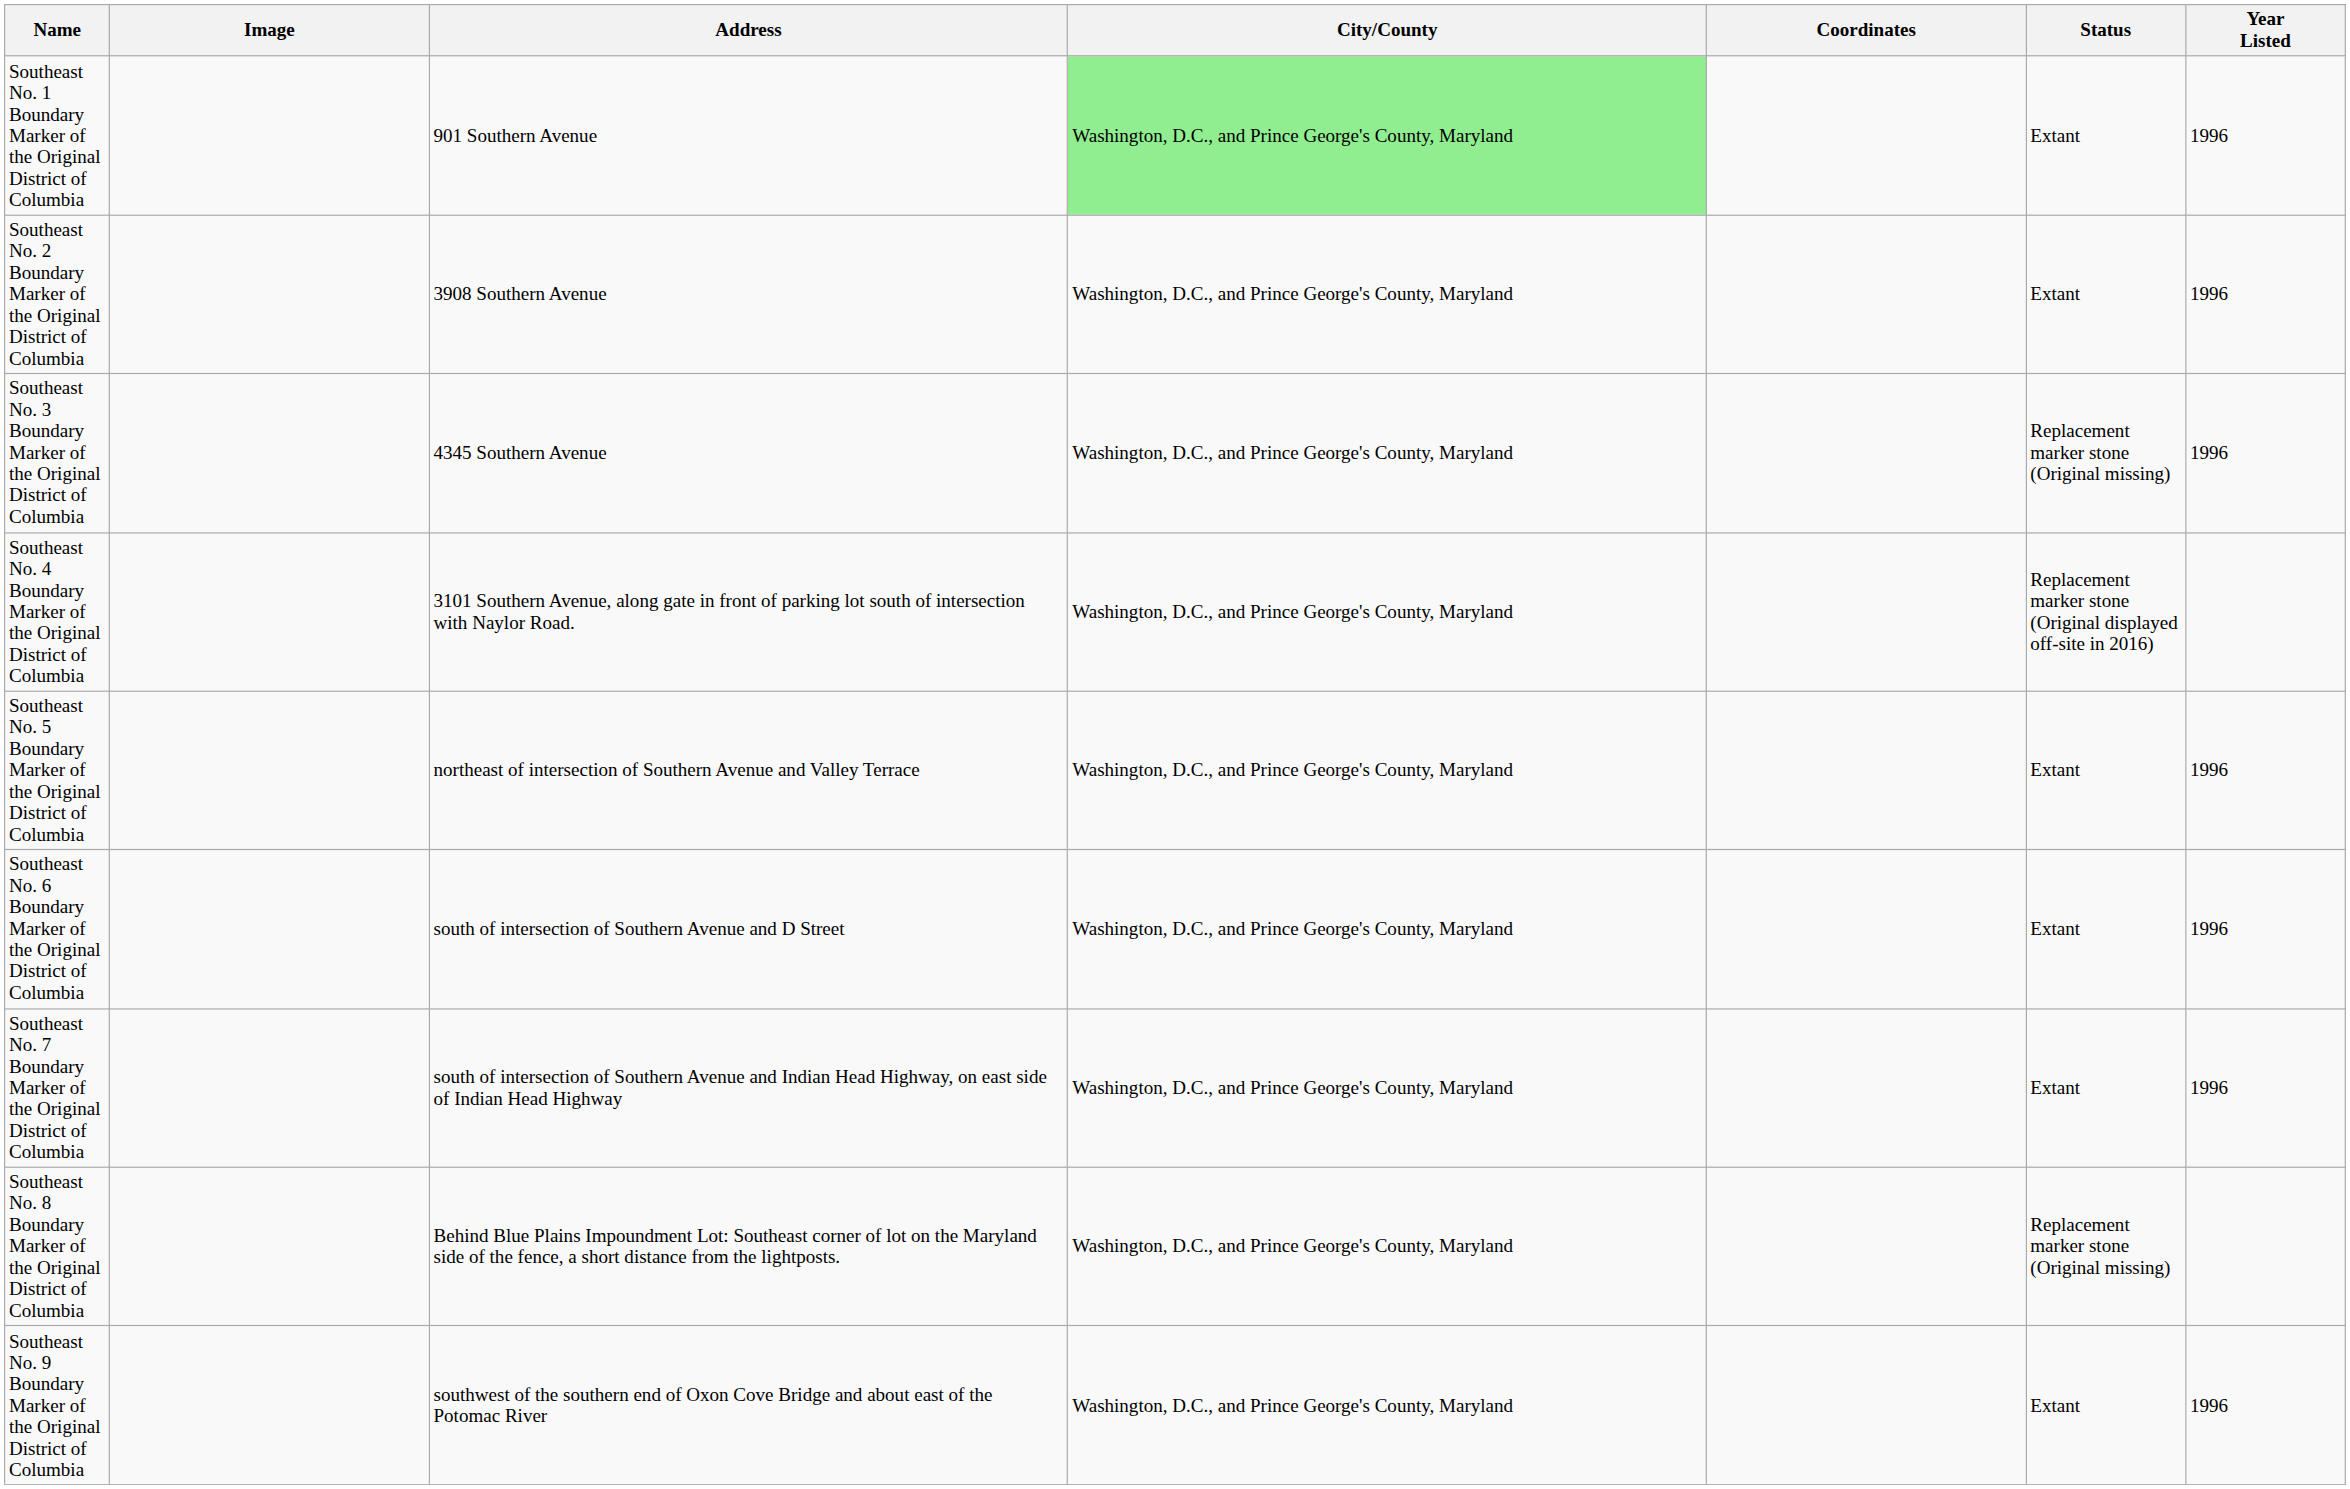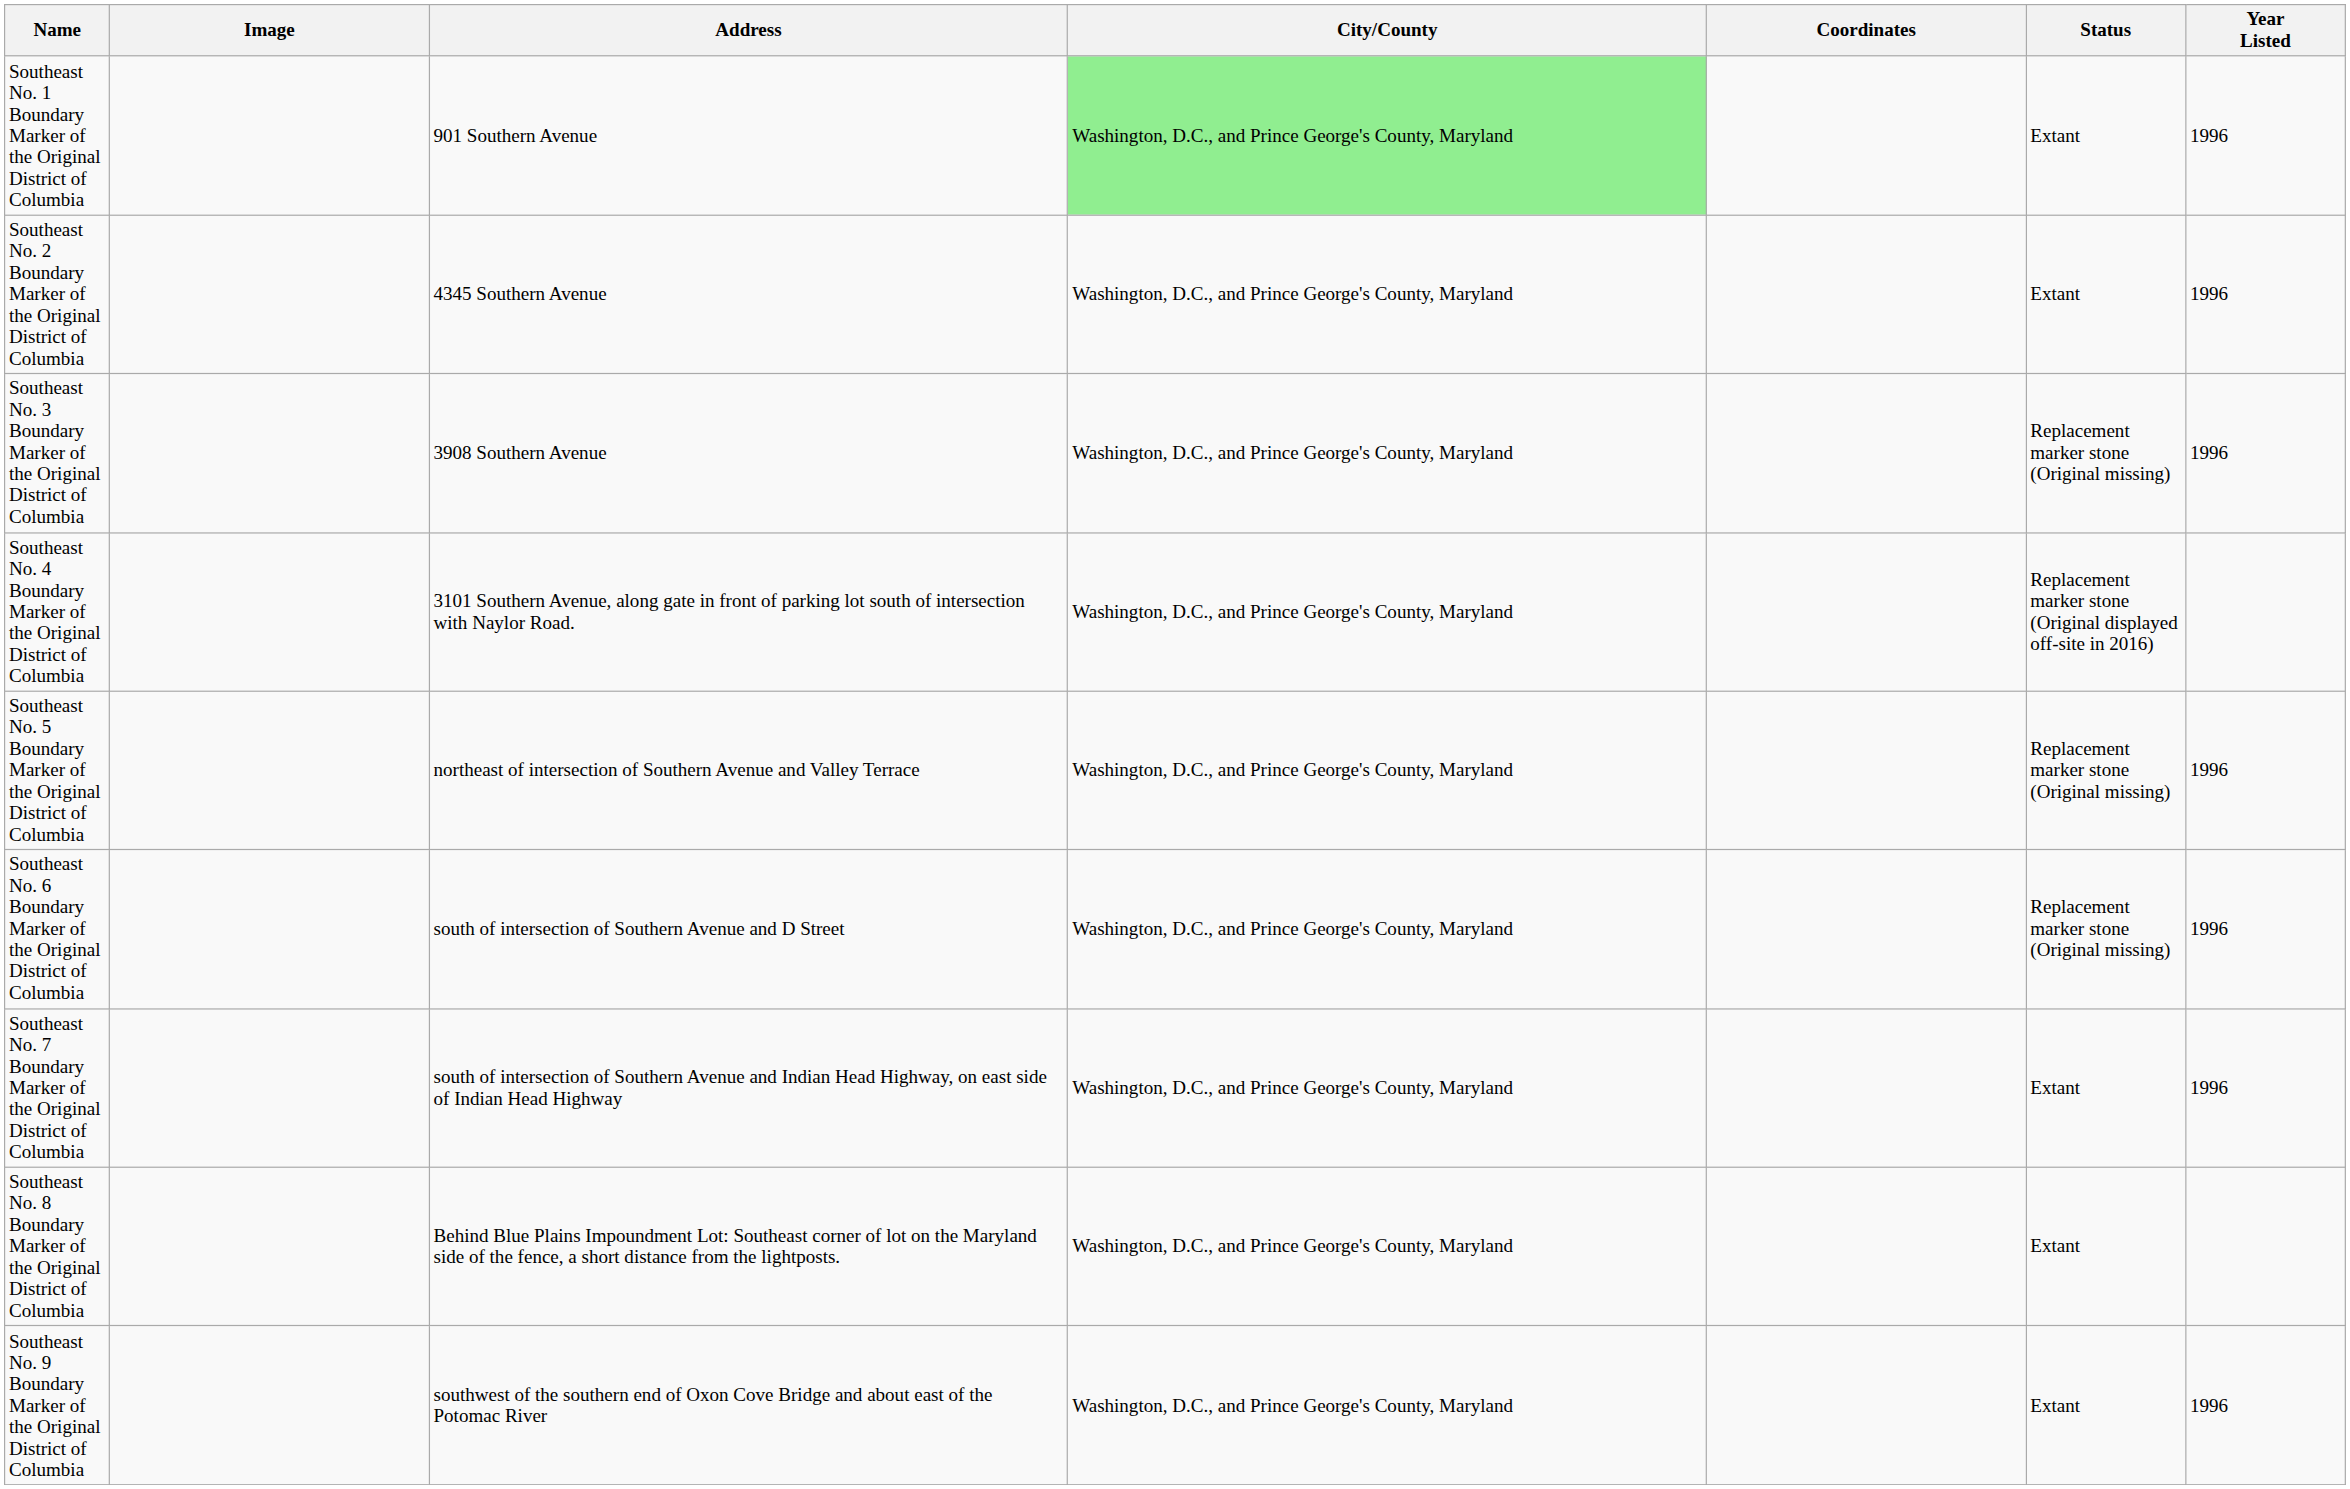 <table class="wikitable" style="width:auto">
 <tr>
 <th style="width:2.5%"><strong>Name</strong></th>
 <th style="width:10%"><strong>Image</strong></th>
 <th style="width:20%"><strong>Address</strong></th>
 <th style="width:20%"><strong>City/County</strong></th>
 <th style="width:10%"><strong>Coordinates</strong></th>
 <th style="width:5%"><strong>Status</strong></th>
 <th style="width:5%"><strong>Year<br>Listed</strong></th>
 </tr>
 <tr>
 <td>Southeast No. 1 Boundary Marker of the Original District of Columbia</td>
 <td><br></td>
 <td>901 Southern Avenue</td>
 <td style="background: lightgreen;">Washington, D.C., and Prince George's County, Maryland</td>
 <td></td>
 <td>Extant</td>
 <td>1996</td>
 </tr>
 <tr>
 <td>Southeast No. 2 Boundary Marker of the Original District of Columbia</td>
 <td><br></td>
-<td>3908 Southern Avenue</td>
+<td>4345 Southern Avenue</td>
 <td>Washington, D.C., and Prince George's County, Maryland</td>
 <td></td>
 <td>Extant</td>
 <td>1996</td>
 </tr>
 <tr>
 <td>Southeast No. 3 Boundary Marker of the Original District of Columbia</td>
 <td><br></td>
-<td>4345 Southern Avenue</td>
+<td>3908 Southern Avenue</td>
 <td>Washington, D.C., and Prince George's County, Maryland</td>
 <td></td>
 <td>Replacement marker stone<br>(Original missing)</td>
 <td>1996</td>
 </tr>
 <tr>
 <td>Southeast No. 4 Boundary Marker of the Original District of Columbia</td>
 <td><br></td>
 <td>3101 Southern Avenue, along gate in front of parking lot south of intersection with Naylor Road.</td>
 <td>Washington, D.C., and Prince George's County, Maryland</td>
 <td></td>
 <td>Replacement marker stone<br>(Original displayed off-site in 2016)</td>
 <td></td>
 </tr>
 <tr>
 <td>Southeast No. 5 Boundary Marker of the Original District of Columbia</td>
 <td><br></td>
 <td> northeast of intersection of Southern Avenue and Valley Terrace</td>
 <td>Washington, D.C., and Prince George's County, Maryland</td>
 <td></td>
-<td>Extant</td>
+<td>Replacement marker stone<br>(Original missing)</td>
 <td>1996</td>
 </tr>
 <tr>
 <td>Southeast No. 6 Boundary Marker of the Original District of Columbia</td>
 <td><br></td>
 <td> south of intersection of Southern Avenue and D Street</td>
 <td>Washington, D.C., and Prince George's County, Maryland</td>
 <td></td>
-<td>Extant</td>
+<td>Replacement marker stone<br>(Original missing)</td>
 <td>1996</td>
 </tr>
 <tr>
 <td>Southeast No. 7 Boundary Marker of the Original District of Columbia</td>
 <td><br></td>
 <td> south of intersection of Southern Avenue and Indian Head Highway, on east side of Indian Head Highway</td>
 <td>Washington, D.C., and Prince George's County, Maryland</td>
 <td></td>
 <td>Extant</td>
 <td>1996</td>
 </tr>
 <tr>
 <td>Southeast No. 8 Boundary Marker of the Original District of Columbia</td>
 <td><br></td>
 <td>Behind Blue Plains Impoundment Lot: Southeast corner of lot on the Maryland side of the fence, a short distance from the lightposts.</td>
 <td>Washington, D.C., and Prince George's County, Maryland</td>
 <td></td>
-<td>Replacement marker stone<br>(Original missing)</td>
+<td>Extant</td>
 <td></td>
 </tr>
 <tr>
 <td>Southeast No. 9 Boundary Marker of the Original District of Columbia</td>
 <td><br></td>
 <td> southwest of the southern end of Oxon Cove Bridge and about  east of the Potomac River</td>
 <td>Washington, D.C., and Prince George's County, Maryland</td>
 <td></td>
 <td>Extant</td>
 <td>1996</td>
 </tr>
 <tr>
 </tr>
 </table>
